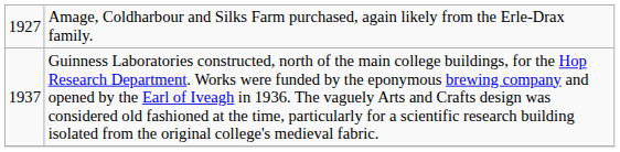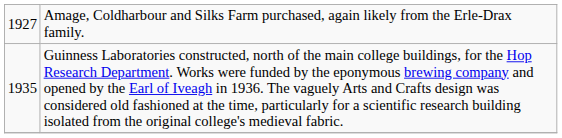 <table class="wikitable">
 <tr>
 <td>1927</td>
 <td>Amage, Coldharbour and Silks Farm purchased, again likely from the Erle-Drax family.</td>
 </tr>
 <tr>
-<td>1937</td>
+<td>1935</td>
 <td>Guinness Laboratories constructed, north of the main college buildings, for the <a href='#'>Hop Research Department</a>. Works were funded by the eponymous <a href='#'>brewing company</a> and opened by the <a href='#'>Earl of Iveagh</a> in 1936. The vaguely Arts and Crafts design was considered old fashioned at the time, particularly for a scientific research building isolated from the original college's medieval fabric.</td>
 </tr>
 <tr>
 </tr>
 </table>
